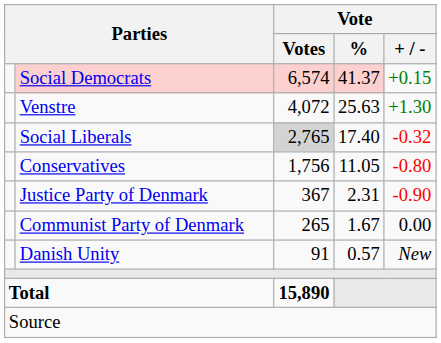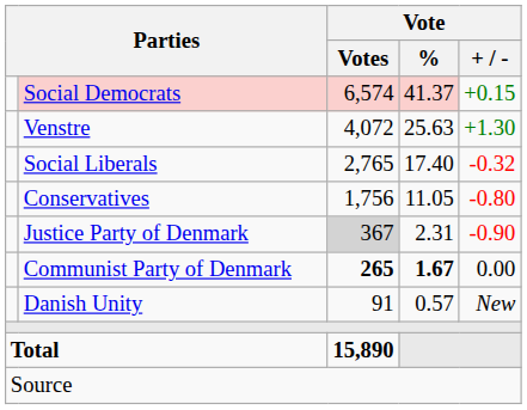 <table class="wikitable" style="text-align:right;">
 <tr>
 <th style="text-align:centre;" rowspan="2" colspan="2" width="225">Parties</th>
 <th colspan="3">Vote</th>
 </tr>
 <tr>
 <th width="15">Votes</th>
 <th width="15">%</th>
 <th width="15">+ / -</th>
 </tr>
 <tr>
 <td width="2" style="color:inherit;background:"></td>
 <td bgcolor=#fbd0ce  align="left"><a href='#'>Social Democrats</a></td>
 <td bgcolor=#fbd0ce>6,574</td>
 <td bgcolor=#fbd0ce>41.37</td>
 <td style=color:green;>+0.15</td>
 </tr>
 <tr>
 <td width="2" style="color:inherit;background:"></td>
 <td align="left"><a href='#'>Venstre</a></td>
 <td>4,072</td>
 <td>25.63</td>
 <td style=color:green;>+1.30</td>
 </tr>
 <tr>
 <td width="2" style="color:inherit;background:"></td>
 <td align="left"><a href='#'>Social Liberals</a></td>
-<td style="background: lightgrey;">2,765</td>
+<td>2,765</td>
 <td>17.40</td>
 <td style=color:red;>-0.32</td>
 </tr>
 <tr>
 <td width="2" style="color:inherit;background:"></td>
 <td align="left"><a href='#'>Conservatives</a></td>
 <td>1,756</td>
 <td>11.05</td>
 <td style=color:red;>-0.80</td>
 </tr>
 <tr>
 <td width="2" style="color:inherit;background:"></td>
 <td align="left"><a href='#'>Justice Party of Denmark</a></td>
-<td>367</td>
+<td style="background: lightgrey;">367</td>
 <td>2.31</td>
 <td style=color:red;>-0.90</td>
 </tr>
 <tr>
 <td width="2" style="color:inherit;background:"></td>
 <td align="left"><a href='#'>Communist Party of Denmark</a></td>
-<td>265</td>
-<td>1.67</td>
+<td><strong>265</strong></td>
+<td><strong>1.67</strong></td>
 <td>0.00</td>
 </tr>
 <tr>
 <td width="2" style="color:inherit;background:"></td>
 <td align="left"><a href='#'>Danish Unity</a></td>
 <td>91</td>
 <td>0.57</td>
 <td><em>New</em></td>
 </tr>
 <tr>
 <td colspan="7" bgcolor="#E9E9E9"></td>
 </tr>
 <tr>
 <td align="left" colspan="2"><strong>Total</strong></td>
 <td><strong>15,890</strong></td>
 <td bgcolor="#E9E9E9" colspan="2"></td>
 </tr>
 <tr>
 <td align="left" colspan="6">Source</td>
 </tr>
 </table>
